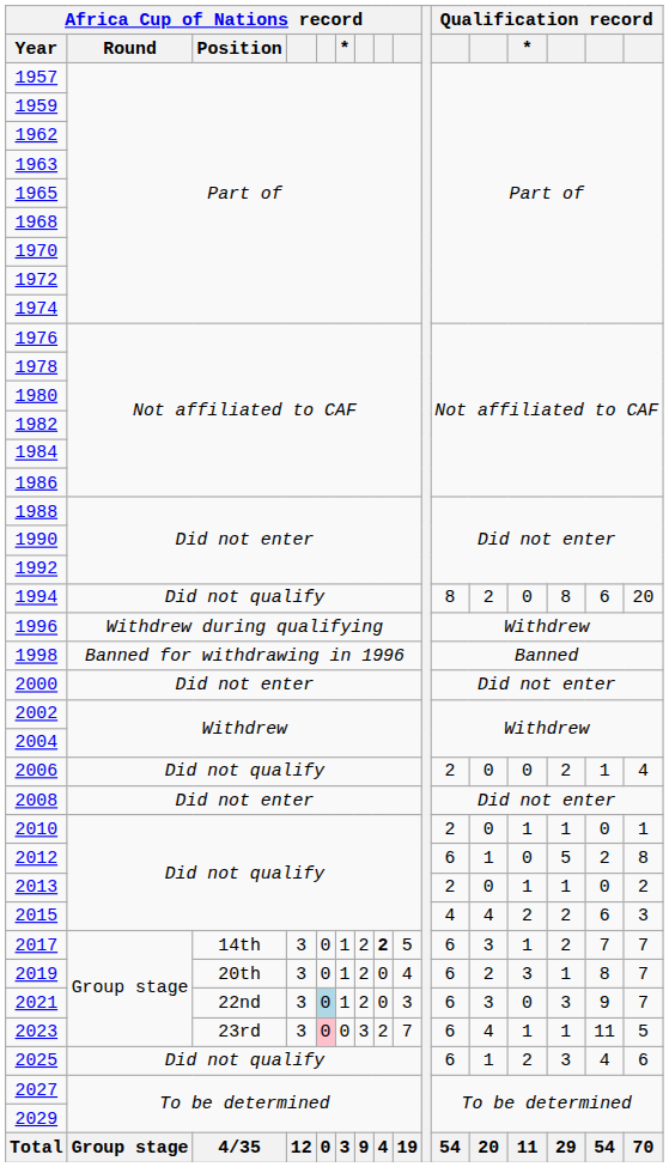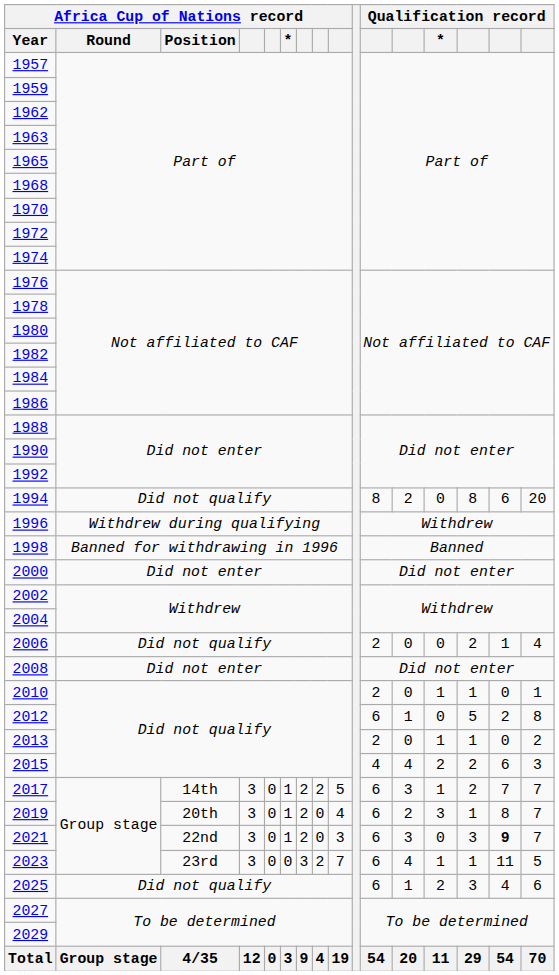 <table class="wikitable" style="text-align: center;">
 <tr>
 <th colspan=9><a href='#'>Africa Cup of Nations</a> record</th>
 <th rowspan=40></th>
 <th colspan=9>Qualification record</th>
 </tr>
 <tr>
 <th>Year</th>
 <th>Round</th>
 <th>Position</th>
 <th></th>
 <th></th>
 <th>*</th>
 <th></th>
 <th></th>
 <th></th>
 <th></th>
 <th></th>
 <th>*</th>
 <th></th>
 <th></th>
 <th></th>
 </tr>
 <tr>
 <td> <a href='#'>1957</a></td>
 <td rowspan=9 colspan=8><em>Part of </em></td>
 <td rowspan=9 colspan=8><em>Part of </em></td>
 </tr>
 <tr>
 <td> <a href='#'>1959</a></td>
 </tr>
 <tr>
 <td> <a href='#'>1962</a></td>
 </tr>
 <tr>
 <td> <a href='#'>1963</a></td>
 </tr>
 <tr>
 <td> <a href='#'>1965</a></td>
 </tr>
 <tr>
 <td> <a href='#'>1968</a></td>
 </tr>
 <tr>
 <td> <a href='#'>1970</a></td>
 </tr>
 <tr>
 <td> <a href='#'>1972</a></td>
 </tr>
 <tr>
 <td> <a href='#'>1974</a></td>
 </tr>
 <tr>
 <td> <a href='#'>1976</a></td>
 <td rowspan=6 colspan=8><em>Not affiliated to CAF</em></td>
 <td rowspan=6 colspan=8><em> Not affiliated to CAF</em></td>
 </tr>
 <tr>
 <td> <a href='#'>1978</a></td>
 </tr>
 <tr>
 <td> <a href='#'>1980</a></td>
 </tr>
 <tr>
 <td> <a href='#'>1982</a></td>
 </tr>
 <tr>
 <td> <a href='#'>1984</a></td>
 </tr>
 <tr>
 <td> <a href='#'>1986</a></td>
 </tr>
 <tr>
 <td> <a href='#'>1988</a></td>
 <td colspan=8 rowspan=3><em>Did not enter</em></td>
 <td colspan=8 rowspan=3><em>Did not enter</em></td>
 </tr>
 <tr>
 <td> <a href='#'>1990</a></td>
 </tr>
 <tr>
 <td> <a href='#'>1992</a></td>
 </tr>
 <tr>
 <td> <a href='#'>1994</a></td>
 <td colspan=8><em>Did not qualify</em></td>
 <td>8</td>
 <td>2</td>
 <td>0</td>
 <td>8</td>
 <td>6</td>
 <td>20</td>
 </tr>
 <tr>
 <td> <a href='#'>1996</a></td>
 <td colspan=8><em>Withdrew during qualifying</em></td>
 <td colspan=8><em>Withdrew</em></td>
 </tr>
 <tr>
 <td> <a href='#'>1998</a></td>
 <td colspan=8><em>Banned for withdrawing in 1996</em></td>
 <td colspan=8><em>Banned</em></td>
 </tr>
 <tr>
 <td>  <a href='#'>2000</a></td>
 <td colspan=8><em>Did not enter</em></td>
 <td colspan=8><em>Did not enter</em></td>
 </tr>
 <tr>
 <td> <a href='#'>2002</a></td>
 <td colspan=8 rowspan=2><em>Withdrew</em></td>
 <td colspan=8 rowspan=2><em>Withdrew</em></td>
 </tr>
 <tr>
 <td> <a href='#'>2004</a></td>
 </tr>
 <tr>
 <td> <a href='#'>2006</a></td>
 <td colspan=8><em>Did not qualify</em></td>
 <td>2</td>
 <td>0</td>
 <td>0</td>
 <td>2</td>
 <td>1</td>
 <td>4</td>
 </tr>
 <tr>
 <td> <a href='#'>2008</a></td>
 <td colspan=8><em>Did not enter</em></td>
 <td colspan=8><em>Did not enter</em></td>
 </tr>
 <tr>
 <td> <a href='#'>2010</a></td>
 <td rowspan=4 colspan=8><em>Did not qualify</em></td>
 <td>2</td>
 <td>0</td>
 <td>1</td>
 <td>1</td>
 <td>0</td>
 <td>1</td>
 </tr>
 <tr>
 <td>  <a href='#'>2012</a></td>
 <td>6</td>
 <td>1</td>
 <td>0</td>
 <td>5</td>
 <td>2</td>
 <td>8</td>
 </tr>
 <tr>
 <td> <a href='#'>2013</a></td>
 <td>2</td>
 <td>0</td>
 <td>1</td>
 <td>1</td>
 <td>0</td>
 <td>2</td>
 </tr>
 <tr>
 <td> <a href='#'>2015</a></td>
 <td>4</td>
 <td>4</td>
 <td>2</td>
 <td>2</td>
 <td>6</td>
 <td>3</td>
 </tr>
 <tr>
 <td> <a href='#'>2017</a></td>
 <td rowspan=4>Group stage</td>
 <td>14th</td>
 <td>3</td>
 <td>0</td>
 <td>1</td>
 <td>2</td>
-<td><strong>2</strong></td>
+<td>2</td>
 <td>5</td>
 <td>6</td>
 <td>3</td>
 <td>1</td>
 <td>2</td>
 <td>7</td>
 <td>7</td>
 </tr>
 <tr>
 <td> <a href='#'>2019</a></td>
 <td>20th</td>
 <td>3</td>
 <td>0</td>
 <td>1</td>
 <td>2</td>
 <td>0</td>
 <td>4</td>
 <td>6</td>
 <td>2</td>
 <td>3</td>
 <td>1</td>
 <td>8</td>
 <td>7</td>
 </tr>
 <tr>
 <td> <a href='#'>2021</a></td>
 <td>22nd</td>
 <td>3</td>
-<td style="background: lightblue;">0</td>
+<td>0</td>
 <td>1</td>
 <td>2</td>
 <td>0</td>
 <td>3</td>
 <td>6</td>
 <td>3</td>
 <td>0</td>
 <td>3</td>
-<td>9</td>
+<td><strong>9</strong></td>
 <td>7</td>
 </tr>
 <tr>
 <td> <a href='#'>2023</a></td>
 <td>23rd</td>
 <td>3</td>
-<td style="background: pink;">0</td>
+<td>0</td>
 <td>0</td>
 <td>3</td>
 <td>2</td>
 <td>7</td>
 <td>6</td>
 <td>4</td>
 <td>1</td>
 <td>1</td>
 <td>11</td>
 <td>5</td>
 </tr>
 <tr>
 <td> <a href='#'>2025</a></td>
 <td colspan="8" rowspan="1"><em>Did not qualify</em></td>
 <td>6</td>
 <td>1</td>
 <td>2</td>
 <td>3</td>
 <td>4</td>
 <td>6</td>
 </tr>
 <tr>
 <td>   <a href='#'>2027</a></td>
 <td colspan=8 rowspan=2><em>To be determined</em></td>
 <td colspan=8 rowspan=2><em>To be determined</em></td>
 </tr>
 <tr>
 <td> <a href='#'>2029</a></td>
 </tr>
 <tr>
 <th>Total</th>
 <th>Group stage</th>
 <th>4/35</th>
 <th>12</th>
 <th>0</th>
 <th>3</th>
 <th>9</th>
 <th>4</th>
 <th>19</th>
 <th>54</th>
 <th>20</th>
 <th>11</th>
 <th>29</th>
 <th>54</th>
 <th>70</th>
 </tr>
 </table>
